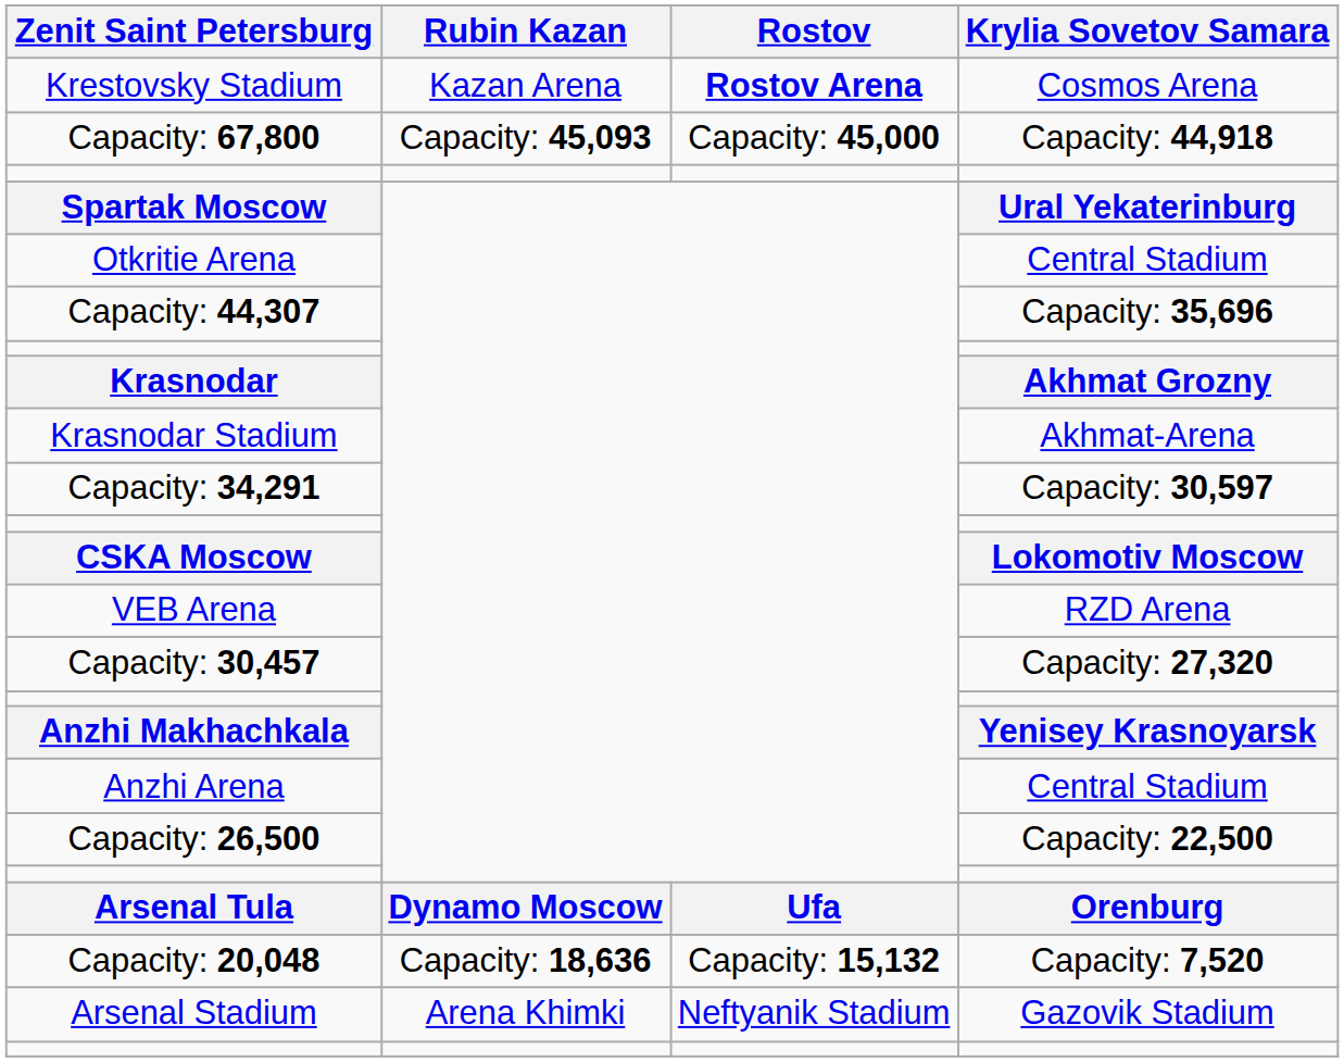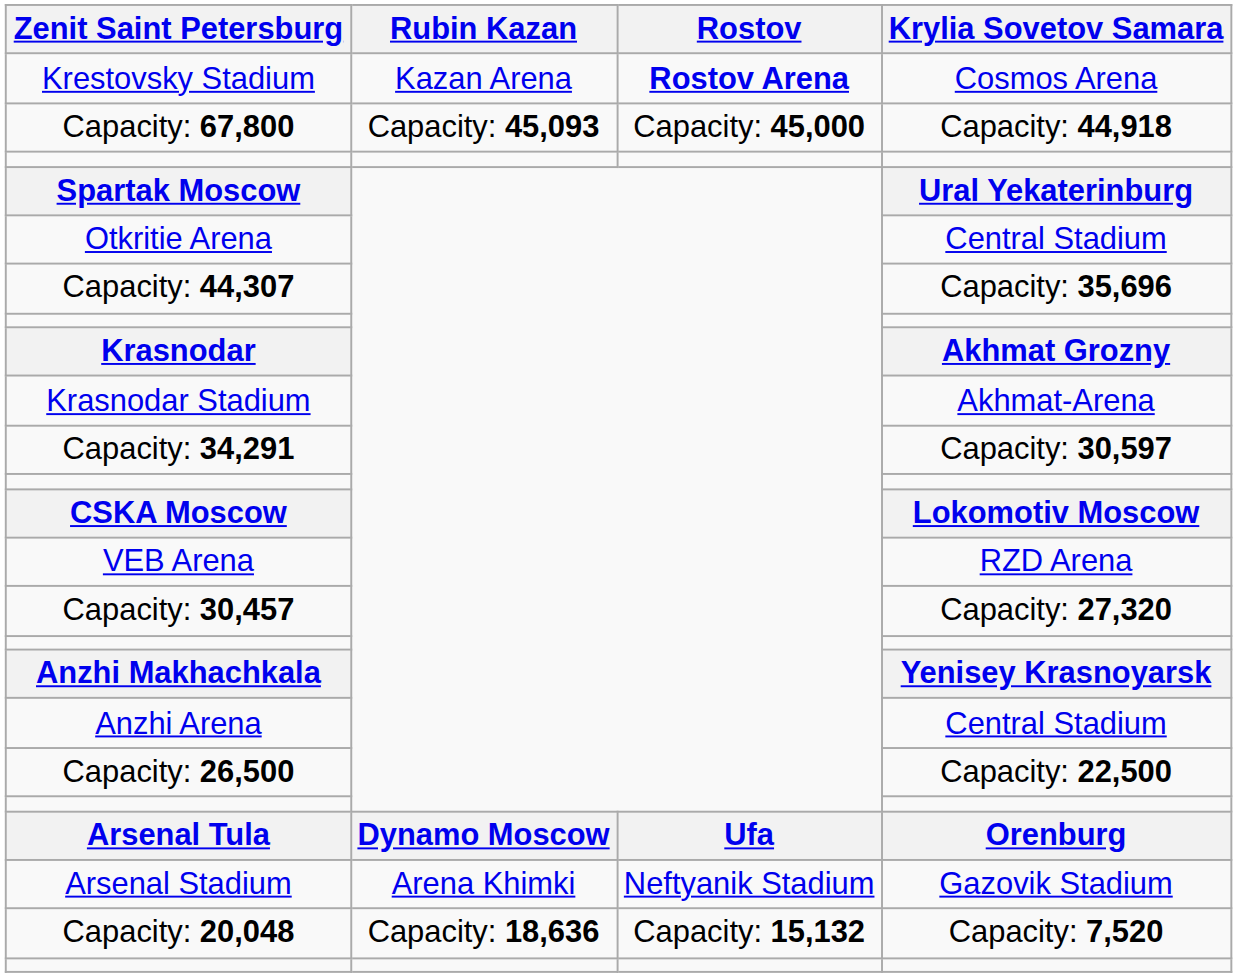 <table class="wikitable" style="text-align:center;margin:1em auto;">
 <tr>
 <th><a href='#'>Zenit Saint Petersburg</a></th>
 <th><a href='#'>Rubin Kazan</a></th>
 <th><a href='#'>Rostov</a></th>
 <th><a href='#'>Krylia Sovetov Samara</a></th>
 </tr>
 <tr>
 <td><a href='#'>Krestovsky Stadium</a></td>
 <td><a href='#'>Kazan Arena</a></td>
 <td><strong><a href='#'>Rostov Arena</a></strong></td>
 <td><a href='#'>Cosmos Arena</a></td>
 </tr>
 <tr>
 <td>Capacity: <strong>67,800</strong></td>
 <td>Capacity: <strong>45,093</strong></td>
 <td>Capacity: <strong>45,000</strong></td>
 <td>Capacity: <strong>44,918</strong></td>
 </tr>
 <tr>
 <td></td>
 <td></td>
 <td></td>
 <td></td>
 </tr>
 <tr>
 <th><a href='#'>Spartak Moscow</a></th>
 <td colspan="2" rowspan="16"><br> </td>
 <th><a href='#'>Ural Yekaterinburg</a></th>
 </tr>
 <tr>
 <td><a href='#'>Otkritie Arena</a></td>
 <td><a href='#'>Central Stadium</a></td>
 </tr>
 <tr>
 <td>Capacity: <strong>44,307</strong></td>
 <td>Capacity: <strong>35,696</strong></td>
 </tr>
 <tr>
 <td></td>
 <td></td>
 </tr>
 <tr>
 <th><a href='#'>Krasnodar</a></th>
 <th><a href='#'>Akhmat Grozny</a></th>
 </tr>
 <tr>
 <td><a href='#'>Krasnodar Stadium</a></td>
 <td><a href='#'>Akhmat-Arena</a></td>
 </tr>
 <tr>
 <td>Capacity: <strong>34,291</strong></td>
 <td>Capacity: <strong>30,597</strong></td>
 </tr>
 <tr>
 <td></td>
 <td></td>
 </tr>
 <tr>
 <th><a href='#'>CSKA Moscow</a></th>
 <th><a href='#'>Lokomotiv Moscow</a></th>
 </tr>
 <tr>
 <td><a href='#'>VEB Arena</a></td>
 <td><a href='#'>RZD Arena</a></td>
 </tr>
 <tr>
 <td>Capacity: <strong>30,457</strong></td>
 <td>Capacity: <strong>27,320</strong></td>
 </tr>
 <tr>
 <td></td>
 <td></td>
 </tr>
 <tr>
 <th><a href='#'>Anzhi Makhachkala</a></th>
 <th><a href='#'>Yenisey Krasnoyarsk</a></th>
 </tr>
 <tr>
 <td><a href='#'>Anzhi Arena</a></td>
 <td><a href='#'>Central Stadium</a></td>
 </tr>
 <tr>
 <td>Capacity: <strong>26,500</strong></td>
 <td>Capacity: <strong>22,500</strong></td>
 </tr>
 <tr>
 <td></td>
 <td></td>
 </tr>
 <tr>
 <th><a href='#'>Arsenal Tula</a></th>
 <th><a href='#'>Dynamo Moscow</a></th>
 <th><a href='#'>Ufa</a></th>
 <th><a href='#'>Orenburg</a></th>
 </tr>
 <tr>
+<td><a href='#'>Arsenal Stadium</a></td>
+<td><a href='#'>Arena Khimki</a></td>
+<td><a href='#'>Neftyanik Stadium</a></td>
+<td><a href='#'>Gazovik Stadium</a></td>
+</tr>
+<tr>
 <td>Capacity: <strong>20,048</strong></td>
 <td>Capacity: <strong>18,636</strong></td>
 <td>Capacity: <strong>15,132</strong></td>
 <td>Capacity: <strong>7,520</strong></td>
-</tr>
-<tr>
-<td><a href='#'>Arsenal Stadium</a></td>
-<td><a href='#'>Arena Khimki</a></td>
-<td><a href='#'>Neftyanik Stadium</a></td>
-<td><a href='#'>Gazovik Stadium</a></td>
 </tr>
 <tr>
 <td></td>
 <td></td>
 <td></td>
 <td></td>
 </tr>
 </table>
